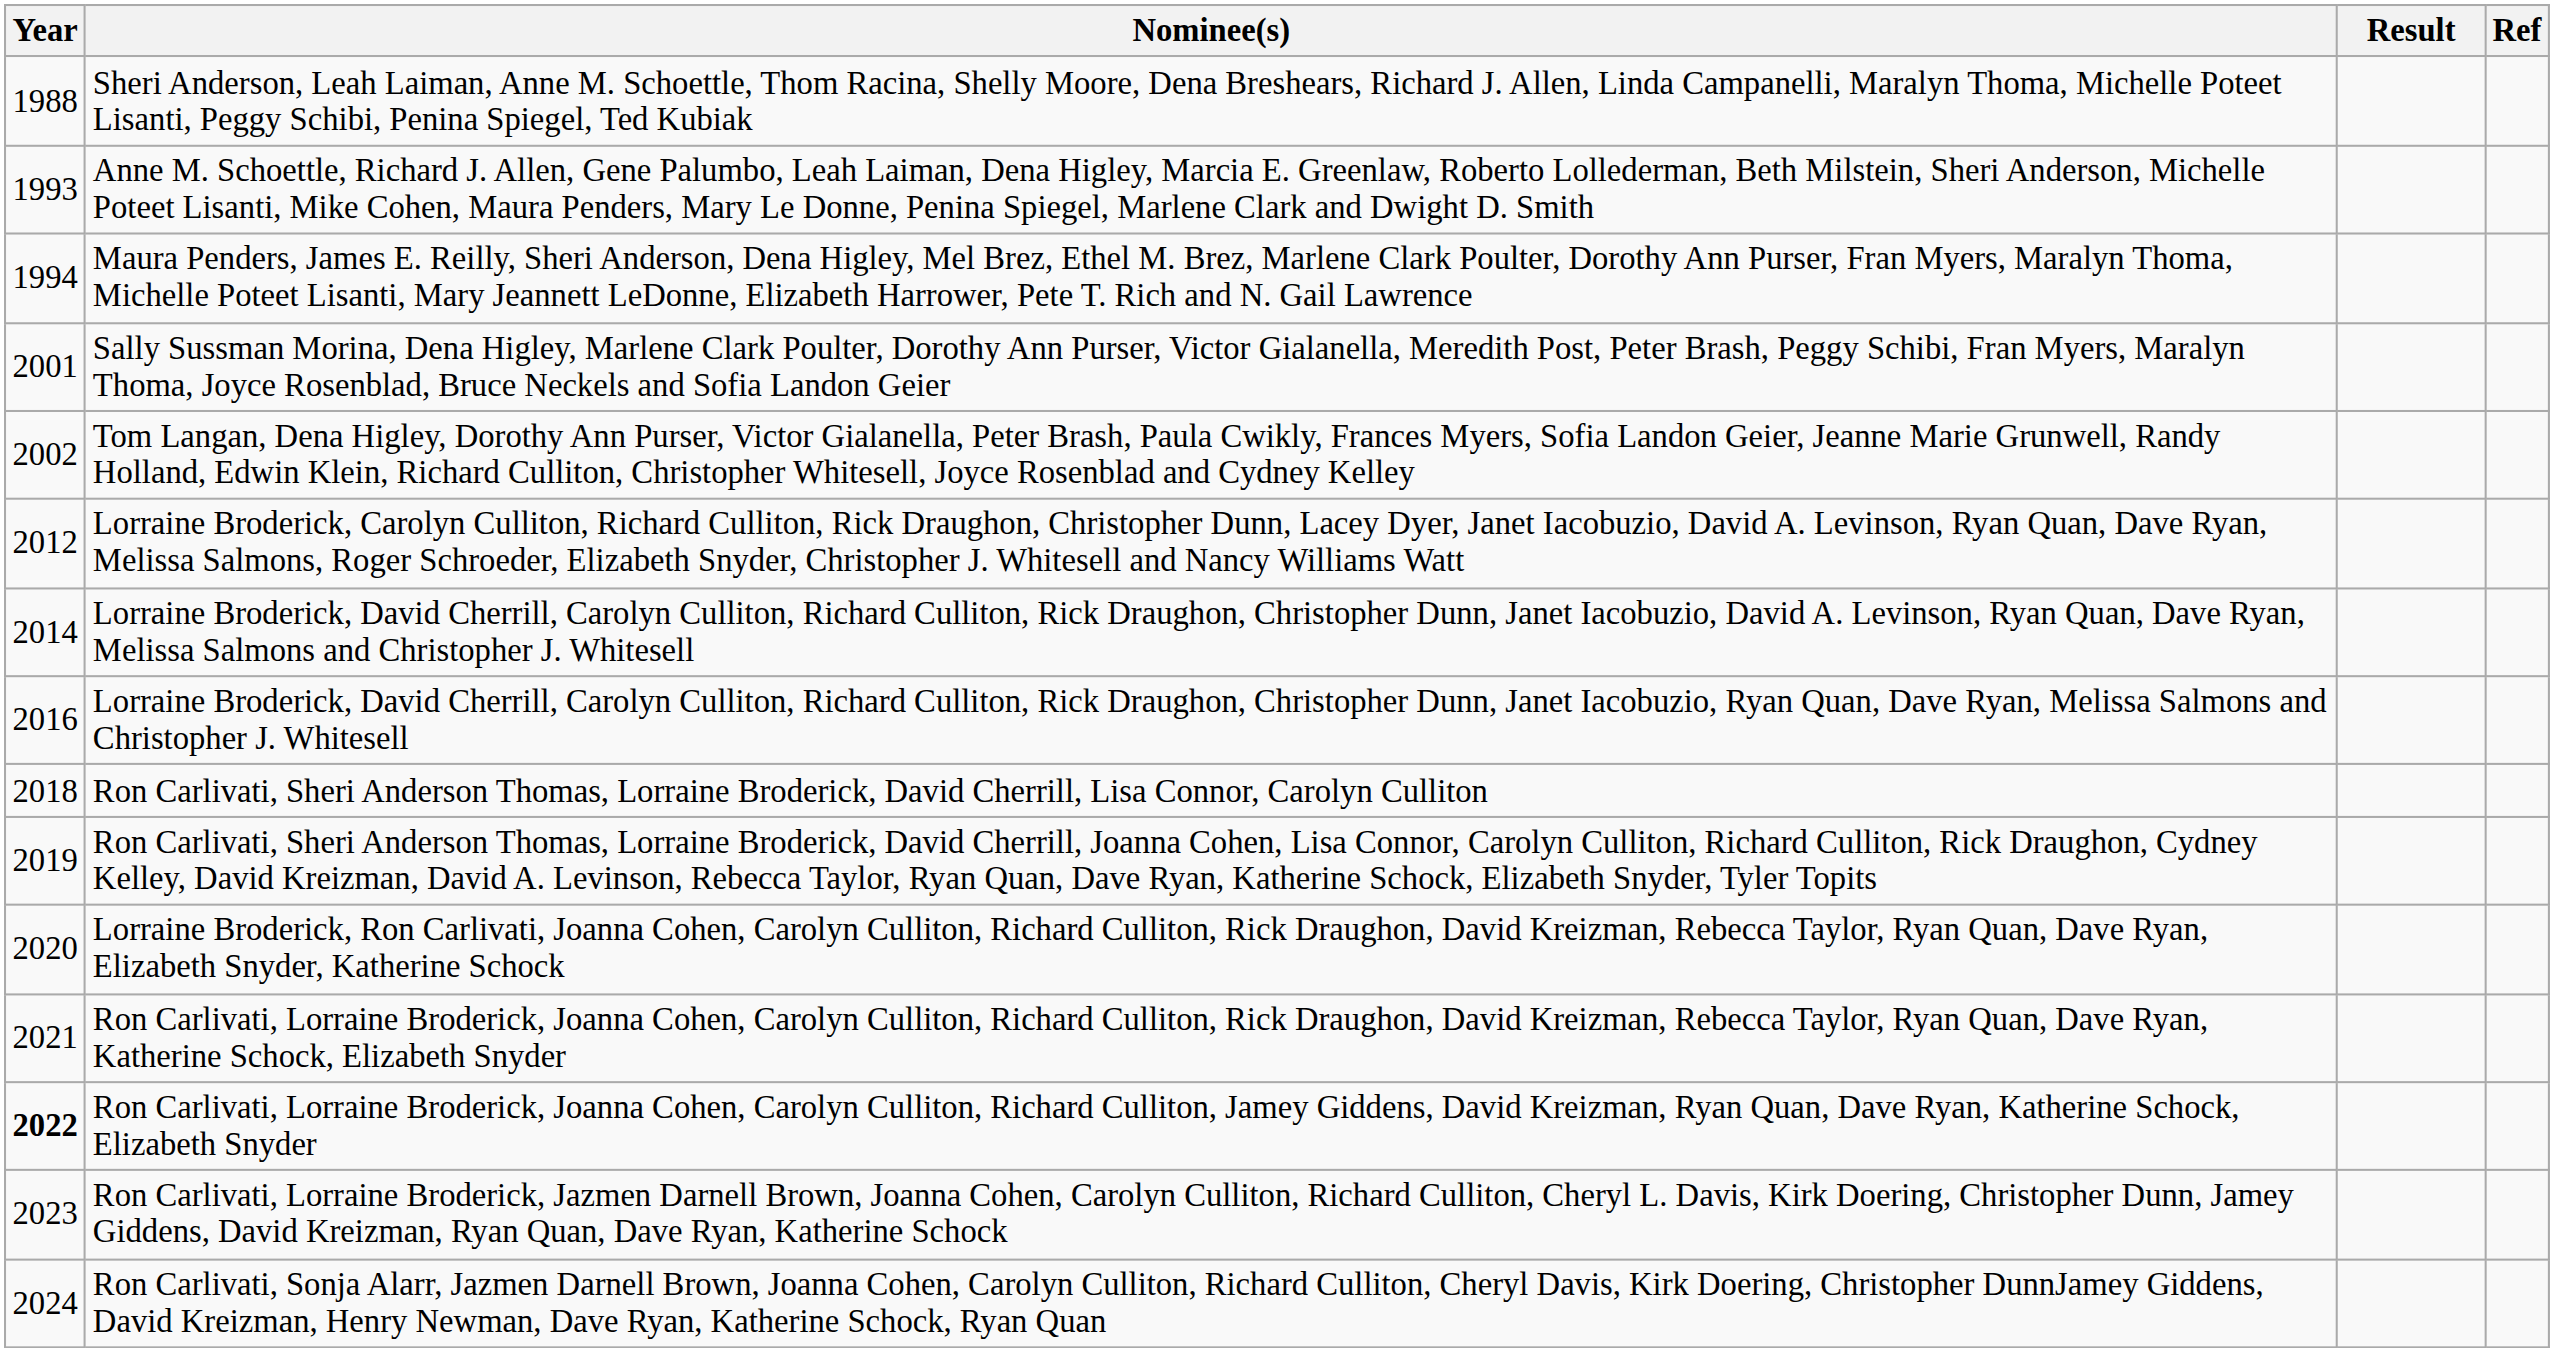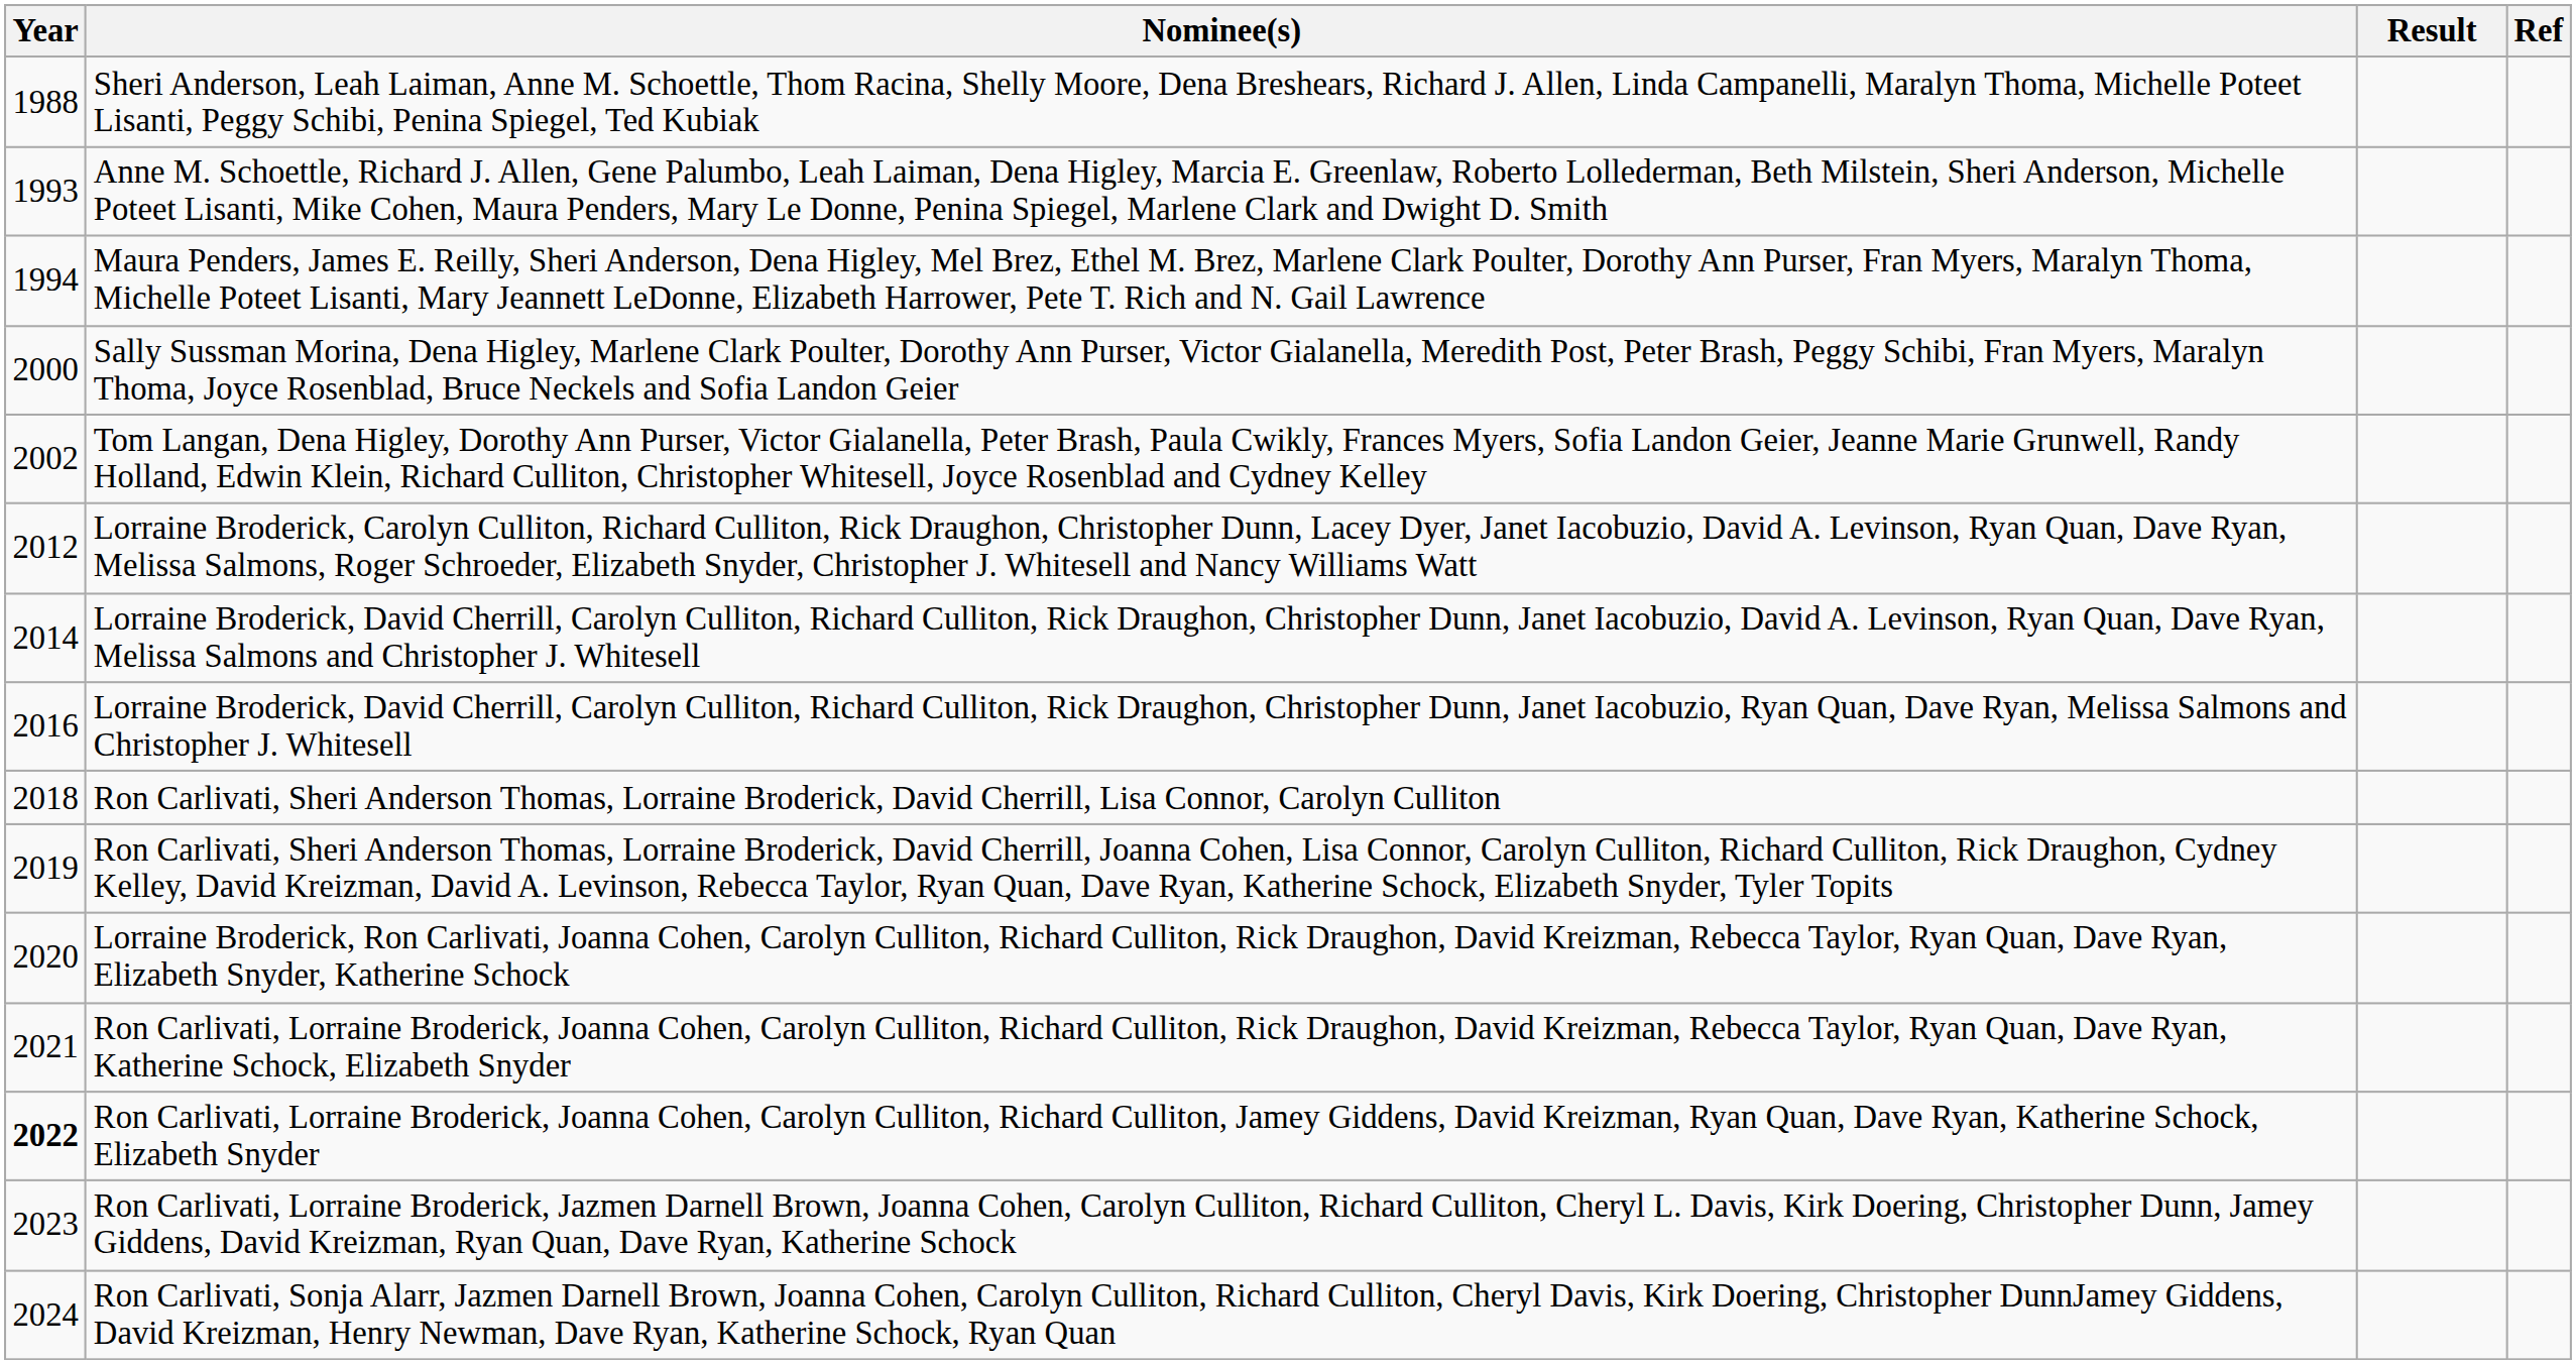 <table class="wikitable">
 <tr>
 <th>Year</th>
 <th>Nominee(s)</th>
 <th width="65">Result</th>
 <th>Ref</th>
 </tr>
 <tr>
 <td>1988</td>
 <td>Sheri Anderson, Leah Laiman, Anne M. Schoettle, Thom Racina, Shelly Moore, Dena Breshears, Richard J. Allen, Linda Campanelli, Maralyn Thoma, Michelle Poteet Lisanti, Peggy Schibi, Penina Spiegel, Ted Kubiak</td>
 <td></td>
 <td></td>
 </tr>
 <tr>
 <td>1993</td>
 <td>Anne M. Schoettle, Richard J. Allen, Gene Palumbo, Leah Laiman, Dena Higley, Marcia E. Greenlaw, Roberto Lollederman, Beth Milstein, Sheri Anderson, Michelle Poteet Lisanti, Mike Cohen, Maura Penders, Mary Le Donne, Penina Spiegel, Marlene Clark and Dwight D. Smith</td>
 <td></td>
 <td></td>
 </tr>
 <tr>
 <td>1994</td>
 <td>Maura Penders, James E. Reilly, Sheri Anderson, Dena Higley, Mel Brez, Ethel M. Brez, Marlene Clark Poulter, Dorothy Ann Purser, Fran Myers, Maralyn Thoma, Michelle Poteet Lisanti, Mary Jeannett LeDonne, Elizabeth Harrower, Pete T. Rich and N. Gail Lawrence</td>
 <td></td>
 <td></td>
 </tr>
 <tr>
-<td>2001</td>
+<td>2000</td>
 <td>Sally Sussman Morina, Dena Higley, Marlene Clark Poulter, Dorothy Ann Purser, Victor Gialanella, Meredith Post, Peter Brash, Peggy Schibi, Fran Myers, Maralyn Thoma, Joyce Rosenblad, Bruce Neckels and Sofia Landon Geier</td>
 <td></td>
 <td></td>
 </tr>
 <tr>
 <td>2002</td>
 <td>Tom Langan, Dena Higley, Dorothy Ann Purser, Victor Gialanella, Peter Brash, Paula Cwikly, Frances Myers, Sofia Landon Geier, Jeanne Marie Grunwell, Randy Holland, Edwin Klein, Richard Culliton, Christopher Whitesell, Joyce Rosenblad and Cydney Kelley</td>
 <td></td>
 <td></td>
 </tr>
 <tr>
 <td>2012</td>
 <td>Lorraine Broderick, Carolyn Culliton, Richard Culliton, Rick Draughon, Christopher Dunn, Lacey Dyer, Janet Iacobuzio, David A. Levinson, Ryan Quan, Dave Ryan, Melissa Salmons, Roger Schroeder, Elizabeth Snyder, Christopher J. Whitesell and Nancy Williams Watt</td>
 <td></td>
 <td></td>
 </tr>
 <tr>
 <td>2014</td>
 <td>Lorraine Broderick, David Cherrill, Carolyn Culliton, Richard Culliton, Rick Draughon, Christopher Dunn, Janet Iacobuzio, David A. Levinson, Ryan Quan, Dave Ryan, Melissa Salmons and Christopher J. Whitesell</td>
 <td></td>
 <td></td>
 </tr>
 <tr>
 <td>2016</td>
 <td>Lorraine Broderick, David Cherrill, Carolyn Culliton, Richard Culliton, Rick Draughon, Christopher Dunn, Janet Iacobuzio, Ryan Quan, Dave Ryan, Melissa Salmons and Christopher J. Whitesell</td>
 <td></td>
 <td></td>
 </tr>
 <tr>
 <td>2018</td>
 <td>Ron Carlivati, Sheri Anderson Thomas, Lorraine Broderick, David Cherrill, Lisa Connor, Carolyn Culliton</td>
 <td></td>
 <td></td>
 </tr>
 <tr>
 <td>2019</td>
 <td>Ron Carlivati, Sheri Anderson Thomas, Lorraine Broderick, David Cherrill, Joanna Cohen, Lisa Connor, Carolyn Culliton, Richard Culliton, Rick Draughon, Cydney Kelley, David Kreizman, David A. Levinson, Rebecca Taylor, Ryan Quan, Dave Ryan, Katherine Schock, Elizabeth Snyder, Tyler Topits</td>
 <td></td>
 <td></td>
 </tr>
 <tr>
 <td>2020</td>
 <td>Lorraine Broderick, Ron Carlivati, Joanna Cohen, Carolyn Culliton, Richard Culliton, Rick Draughon, David Kreizman, Rebecca Taylor, Ryan Quan, Dave Ryan, Elizabeth Snyder, Katherine Schock</td>
 <td></td>
 <td></td>
 </tr>
 <tr>
 <td>2021</td>
 <td>Ron Carlivati, Lorraine Broderick, Joanna Cohen, Carolyn Culliton, Richard Culliton, Rick Draughon, David Kreizman, Rebecca Taylor, Ryan Quan, Dave Ryan, Katherine Schock, Elizabeth Snyder</td>
 <td></td>
 <td></td>
 </tr>
 <tr>
 <td><strong>2022</strong></td>
 <td>Ron Carlivati, Lorraine Broderick, Joanna Cohen, Carolyn Culliton, Richard Culliton, Jamey Giddens, David Kreizman, Ryan Quan, Dave Ryan, Katherine Schock, Elizabeth Snyder</td>
 <td></td>
 <td></td>
 </tr>
 <tr>
 <td>2023</td>
 <td>Ron Carlivati, Lorraine Broderick, Jazmen Darnell Brown, Joanna Cohen, Carolyn Culliton, Richard Culliton, Cheryl L. Davis, Kirk Doering, Christopher Dunn, Jamey Giddens, David Kreizman, Ryan Quan, Dave Ryan, Katherine Schock</td>
 <td></td>
 <td></td>
 </tr>
 <tr>
 <td>2024</td>
 <td>Ron Carlivati, Sonja Alarr, Jazmen Darnell Brown, Joanna Cohen, Carolyn Culliton, Richard Culliton, Cheryl Davis, Kirk Doering, Christopher DunnJamey Giddens, David Kreizman, Henry Newman, Dave Ryan, Katherine Schock, Ryan Quan</td>
 <td></td>
 <td></td>
 </tr>
 </table>
